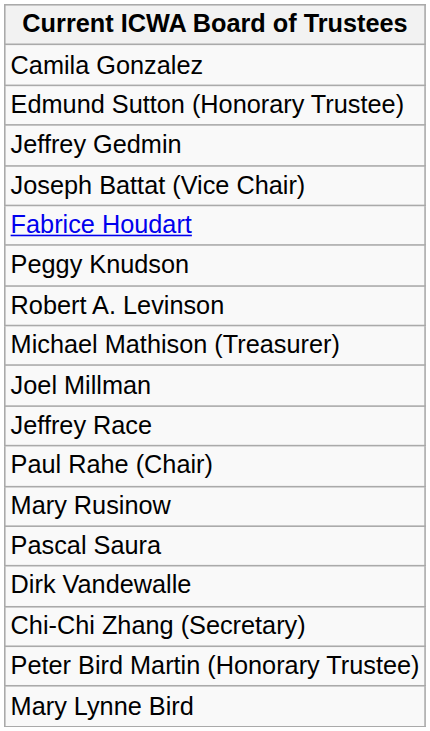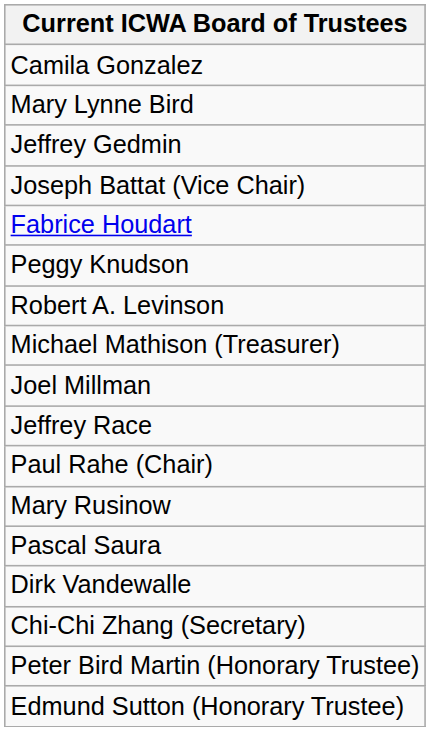 <table class="wikitable" border="1">
 <tr>
 <th>Current ICWA Board of Trustees </th>
 </tr>
 <tr>
 <td>Camila Gonzalez</td>
 </tr>
 <tr>
-<td>Edmund Sutton (Honorary Trustee)</td>
+<td>Mary Lynne Bird</td>
 </tr>
 <tr>
 <td>Jeffrey Gedmin</td>
 </tr>
 <tr>
 <td>Joseph Battat (Vice Chair)</td>
 </tr>
 <tr>
 <td><a href='#'>Fabrice Houdart</a></td>
 </tr>
 <tr>
 <td>Peggy Knudson</td>
 </tr>
 <tr>
 <td>Robert A. Levinson</td>
 </tr>
 <tr>
 <td>Michael Mathison (Treasurer)</td>
 </tr>
 <tr>
 <td>Joel Millman</td>
 </tr>
 <tr>
 <td>Jeffrey Race</td>
 </tr>
 <tr>
 <td>Paul Rahe (Chair)</td>
 </tr>
 <tr>
 <td>Mary Rusinow</td>
 </tr>
 <tr>
 <td>Pascal Saura</td>
 </tr>
 <tr>
 <td>Dirk Vandewalle</td>
 </tr>
 <tr>
 <td>Chi-Chi Zhang (Secretary)</td>
 </tr>
 <tr>
 <td>Peter Bird Martin (Honorary Trustee)</td>
 </tr>
 <tr>
-<td>Mary Lynne Bird</td>
+<td>Edmund Sutton (Honorary Trustee)</td>
 </tr>
 <tr>
 </tr>
 </table>
